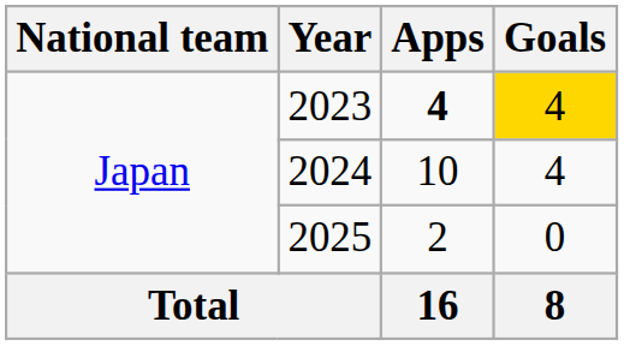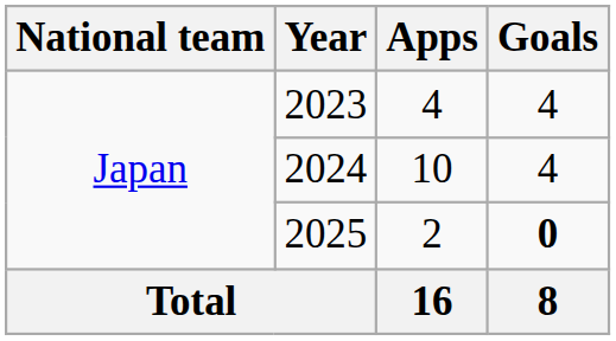 <table class="wikitable" style="text-align:center">
 <tr>
 <th>National team</th>
 <th>Year</th>
 <th>Apps</th>
 <th>Goals</th>
 </tr>
 <tr>
 <td rowspan="3"><a href='#'>Japan</a></td>
 <td>2023</td>
-<td><strong>4</strong></td>
-<td style="background: gold;">4</td>
+<td>4</td>
+<td>4</td>
 </tr>
 <tr>
 <td>2024</td>
 <td>10</td>
 <td>4</td>
 </tr>
 <tr>
 <td>2025</td>
 <td>2</td>
-<td>0</td>
+<td><strong>0</strong></td>
 </tr>
 <tr>
 <th colspan="2">Total</th>
 <th>16</th>
 <th>8</th>
 </tr>
 </table>
